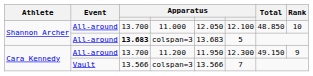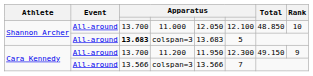 <table class="wikitable" style="font-size:90%">
 <tr>
 <th rowspan=2>Athlete</th>
 <th rowspan=2>Event</th>
 <th colspan=4>Apparatus</th>
 <th rowspan=2>Total</th>
 <th rowspan=2>Rank</th>
 </tr>
 <tr style="font-size:95%">
 <th></th>
 <th></th>
 <th></th>
 <th></th>
 </tr>
 <tr align=center>
 <td style="text-align:left;" rowspan="2"><a href='#'>Shannon Archer</a></td>
 <td align=left><a href='#'>All-around</a></td>
 <td>13.700</td>
 <td>11.000</td>
 <td>12.050</td>
 <td>12.100</td>
 <td>48.850</td>
 <td>10</td>
 </tr>
 <tr align=center>
 <td align=left><a href='#'>All-around</a></td>
 <td><strong>13.683</strong></td>
 <td>colspan=3 </td>
 <td>13.683</td>
 <td>5</td>
 </tr>
 <tr align=center>
 <td style="text-align:left;" rowspan="2"><a href='#'>Cara Kennedy</a></td>
 <td align=left><a href='#'>All-around</a></td>
 <td>13.700</td>
 <td>11.200</td>
 <td>11.950</td>
 <td>12.300</td>
 <td>49.150</td>
 <td>9</td>
 </tr>
 <tr align=center>
-<td align=left><a href='#'>Vault</a></td>
+<td align=left><a href='#'>All-around</a></td>
 <td>13.566</td>
 <td>colspan=3 </td>
 <td>13.566</td>
 <td>7</td>
 </tr>
 </table>
